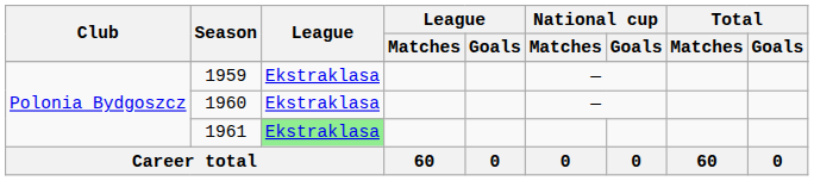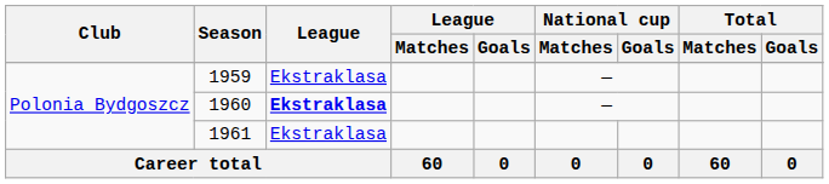 <table class="wikitable" style="text-align: center;">
 <tr>
 <th rowspan="2">Club</th>
 <th rowspan="2">Season</th>
 <th rowspan="2">League</th>
 <th colspan="2">League</th>
 <th colspan="2">National cup</th>
 <th colspan="2">Total</th>
 </tr>
 <tr>
 <th>Matches</th>
 <th>Goals</th>
 <th>Matches</th>
 <th>Goals</th>
 <th>Matches</th>
 <th>Goals</th>
 </tr>
 <tr>
 </tr>
 <tr>
 <td rowspan="3"><a href='#'>Polonia Bydgoszcz</a></td>
 <td>1959</td>
 <td><a href='#'>Ekstraklasa</a></td>
 <td></td>
 <td></td>
 <td colspan="2">—</td>
 <td></td>
 <td></td>
 </tr>
 <tr>
 <td>1960</td>
-<td><a href='#'>Ekstraklasa</a></td>
+<td><strong><a href='#'>Ekstraklasa</a></strong></td>
 <td></td>
 <td></td>
 <td colspan="2">—</td>
 <td></td>
 <td></td>
 </tr>
 <tr>
 <td>1961</td>
-<td style="background: lightgreen;"><a href='#'>Ekstraklasa</a></td>
+<td><a href='#'>Ekstraklasa</a></td>
 <td></td>
 <td></td>
 <td></td>
 <td></td>
 <td></td>
 <td></td>
 </tr>
 <tr>
 <th colspan="3">Career total</th>
 <th colspan="1">60</th>
 <th>0</th>
 <th>0</th>
 <th>0</th>
 <th>60</th>
 <th>0</th>
 </tr>
 </table>
